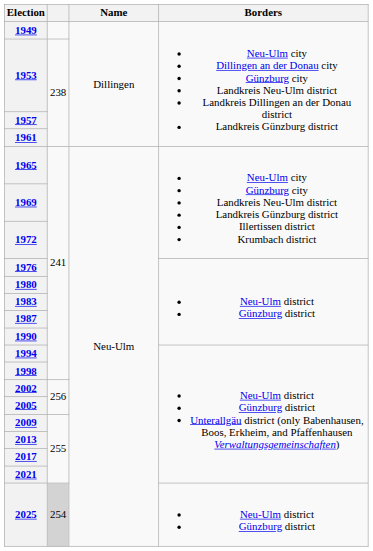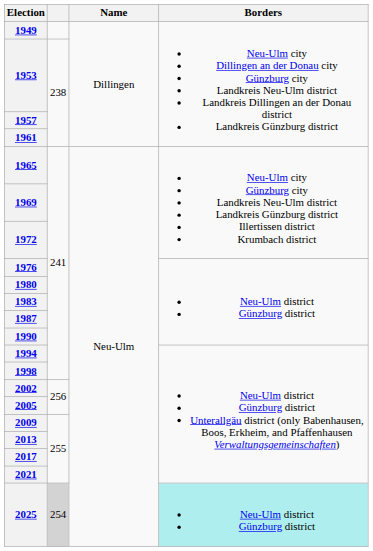 <table class=wikitable style="text-align:center">
 <tr>
 <th>Election</th>
 <th></th>
 <th width=125px>Name</th>
 <th width=300px>Borders</th>
 </tr>
 <tr>
 <th><a href='#'>1949</a></th>
 <td></td>
 <td rowspan=4>Dillingen</td>
 <td rowspan=4><br><ul><li><a href='#'>Neu-Ulm</a> city</li><li><a href='#'>Dillingen an der Donau</a> city</li><li><a href='#'>Günzburg</a> city</li><li>Landkreis Neu-Ulm district</li><li>Landkreis Dillingen an der Donau district</li><li>Landkreis Günzburg district</li></ul></td>
 </tr>
 <tr>
 <th><a href='#'>1953</a></th>
 <td rowspan=3>238</td>
 </tr>
 <tr>
 <th><a href='#'>1957</a></th>
 </tr>
 <tr>
 <th><a href='#'>1961</a></th>
 </tr>
 <tr>
 <th><a href='#'>1965</a></th>
 <td rowspan=10>241</td>
 <td rowspan=17>Neu-Ulm</td>
 <td rowspan=3><br><ul><li><a href='#'>Neu-Ulm</a> city</li><li><a href='#'>Günzburg</a> city</li><li>Landkreis Neu-Ulm district</li><li>Landkreis Günzburg district</li><li>Illertissen district</li><li>Krumbach district</li></ul></td>
 </tr>
 <tr>
 <th><a href='#'>1969</a></th>
 </tr>
 <tr>
 <th><a href='#'>1972</a></th>
 </tr>
 <tr>
 <th><a href='#'>1976</a></th>
 <td rowspan=5><br><ul><li><a href='#'>Neu-Ulm</a> district</li><li><a href='#'>Günzburg</a> district</li></ul></td>
 </tr>
 <tr>
 <th><a href='#'>1980</a></th>
 </tr>
 <tr>
 <th><a href='#'>1983</a></th>
 </tr>
 <tr>
 <th><a href='#'>1987</a></th>
 </tr>
 <tr>
 <th><a href='#'>1990</a></th>
 </tr>
 <tr>
 <th><a href='#'>1994</a></th>
 <td rowspan=8><br><ul><li><a href='#'>Neu-Ulm</a> district</li><li><a href='#'>Günzburg</a> district</li><li><a href='#'>Unterallgäu</a> district (only Babenhausen, Boos, Erkheim, and Pfaffenhausen <em><a href='#'>Verwaltungsgemeinschaften</a></em>)</li></ul></td>
 </tr>
 <tr>
 <th><a href='#'>1998</a></th>
 </tr>
 <tr>
 <th><a href='#'>2002</a></th>
 <td rowspan=2>256</td>
 </tr>
 <tr>
 <th><a href='#'>2005</a></th>
 </tr>
 <tr>
 <th><a href='#'>2009</a></th>
 <td rowspan=4>255</td>
 </tr>
 <tr>
 <th><a href='#'>2013</a></th>
 </tr>
 <tr>
 <th><a href='#'>2017</a></th>
 </tr>
 <tr>
 <th><a href='#'>2021</a></th>
 </tr>
 <tr>
 <th><a href='#'>2025</a></th>
 <td style="background: lightgrey;">254</td>
-<td><br><ul><li><a href='#'>Neu-Ulm</a> district</li><li><a href='#'>Günzburg</a> district</li></ul></td>
+<td style="background: paleturquoise;"><br><ul><li><a href='#'>Neu-Ulm</a> district</li><li><a href='#'>Günzburg</a> district</li></ul></td>
 </tr>
 </table>
